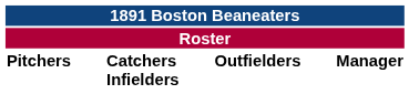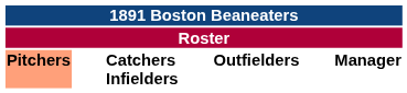 <table class="toccolours" style="font-size: 95%;">
 <tr>
 <th colspan="10" style="background-color: #0f437c; color: white; text-align: center;">1891 Boston Beaneaters</th>
 </tr>
 <tr>
 <td colspan="10" style="background-color: #af0039; color: white; text-align: center;"><strong>Roster</strong></td>
 </tr>
 <tr>
-<td valign="top"><strong>Pitchers</strong><br>       </td>
+<td valign="top" style="background: lightsalmon;"><strong>Pitchers</strong><br>       </td>
 <td width="25px"></td>
 <td valign="top"><strong>Catchers</strong><br>    <strong>Infielders</strong>    </td>
 <td width="25px"></td>
 <td valign="top"><strong>Outfielders</strong><br>     </td>
 <td width="25px"></td>
 <td valign="top"><strong>Manager</strong><br></td>
 </tr>
 </table>
